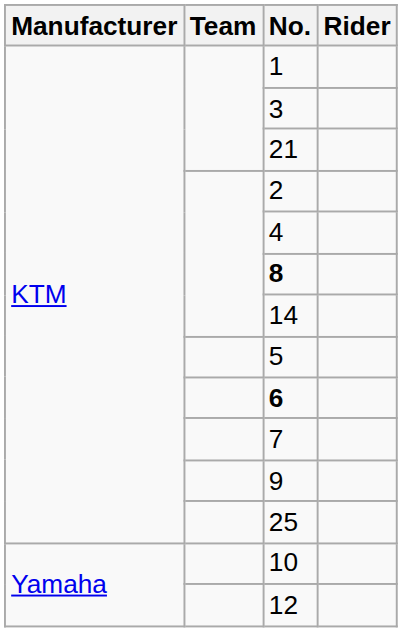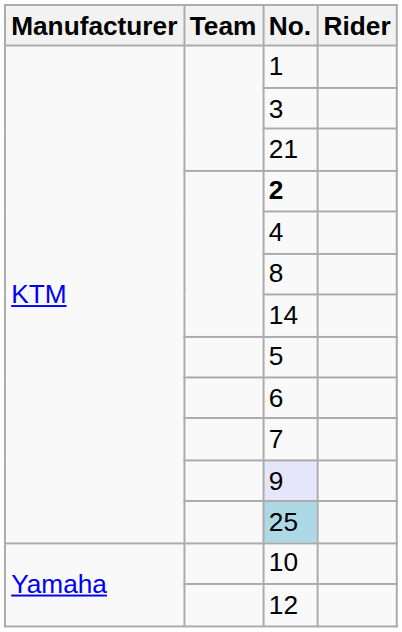 <table class="wikitable" style="font-size:85%; ; width:15%">
 <tr>
 <th>Manufacturer</th>
 <th>Team</th>
 <th>No.</th>
 <th>Rider</th>
 </tr>
 <tr>
 <td rowspan=12> <a href='#'>KTM</a></td>
 <td rowspan=3></td>
 <td>1</td>
 <td></td>
 </tr>
 <tr>
 <td>3</td>
 <td></td>
 </tr>
 <tr>
 <td>21</td>
 <td></td>
 </tr>
 <tr>
 <td rowspan=4></td>
-<td>2</td>
+<td><strong>2</strong></td>
 <td></td>
 </tr>
 <tr>
 <td>4</td>
 <td></td>
 </tr>
 <tr>
-<td><strong>8</strong></td>
+<td>8</td>
 <td></td>
 </tr>
 <tr>
 <td>14</td>
 <td></td>
 </tr>
 <tr>
 <td></td>
 <td>5</td>
 <td></td>
 </tr>
 <tr>
 <td></td>
-<td><strong>6</strong></td>
+<td>6</td>
 <td></td>
 </tr>
 <tr>
 <td></td>
 <td>7</td>
 <td></td>
 </tr>
 <tr>
 <td></td>
-<td>9</td>
+<td style="background: lavender;">9</td>
 <td></td>
 </tr>
 <tr>
 <td></td>
-<td>25</td>
+<td style="background: lightblue;">25</td>
 <td></td>
 </tr>
 <tr>
 <td rowspan=2> <a href='#'>Yamaha</a></td>
 <td></td>
 <td>10</td>
 <td></td>
 </tr>
 <tr>
 <td></td>
 <td>12</td>
 <td></td>
 </tr>
 </table>
